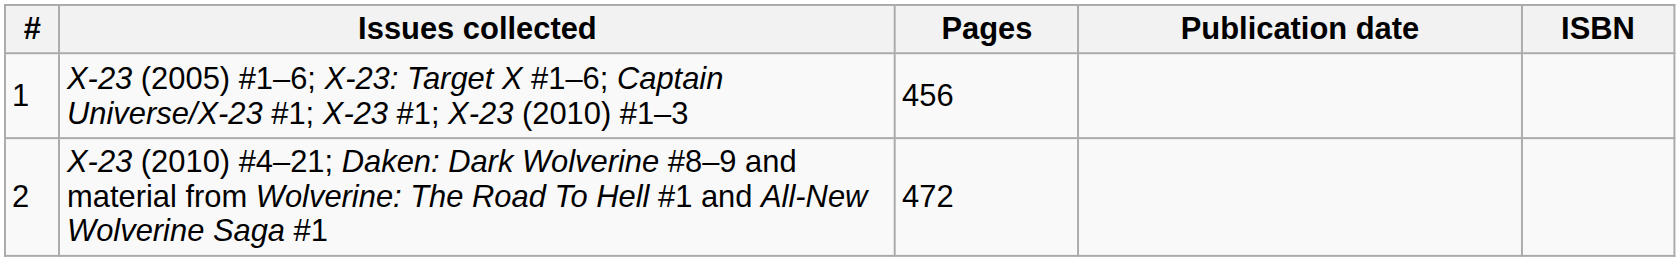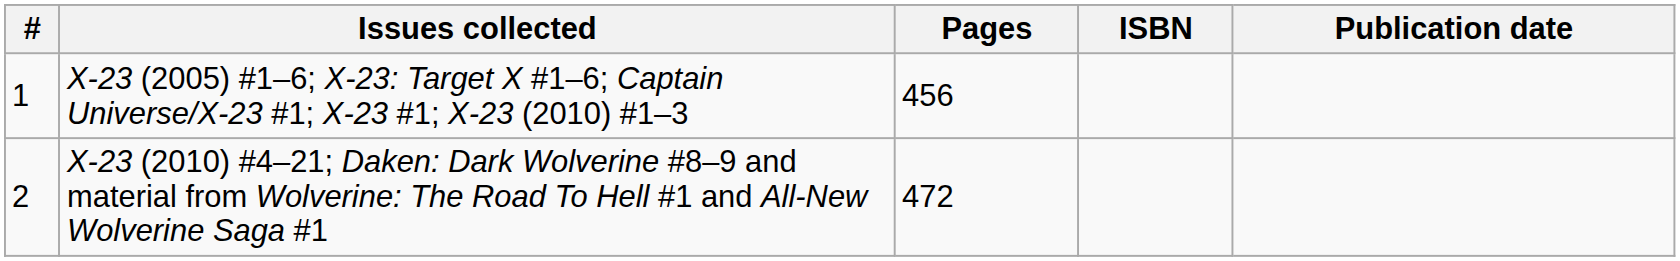 <table class="wikitable sortable" width=98%>
 <tr>
 <th class="unsortable">#</th>
 <th class="unsortable" width="50%">Issues collected</th>
 <th>Pages</th>
+<th class="unsortable">ISBN</th>
 <th>Publication date</th>
-<th class="unsortable">ISBN</th>
 </tr>
 <tr>
 <td>1</td>
 <td><em>X-23</em> (2005) #1–6; <em>X-23: Target X</em> #1–6; <em>Captain Universe/X-23</em> #1; <em>X-23</em> #1; <em>X-23</em> (2010) #1–3</td>
 <td>456</td>
 <td></td>
 <td></td>
 </tr>
 <tr>
 <td>2</td>
 <td><em>X-23</em> (2010) #4–21; <em>Daken: Dark Wolverine</em> #8–9 and material from <em>Wolverine: The Road To Hell</em> #1 and <em>All-New Wolverine Saga</em> #1</td>
 <td>472</td>
 <td></td>
 <td></td>
 </tr>
 </table>
